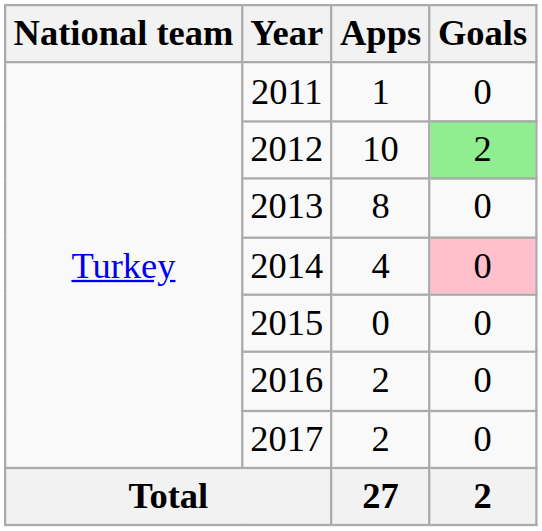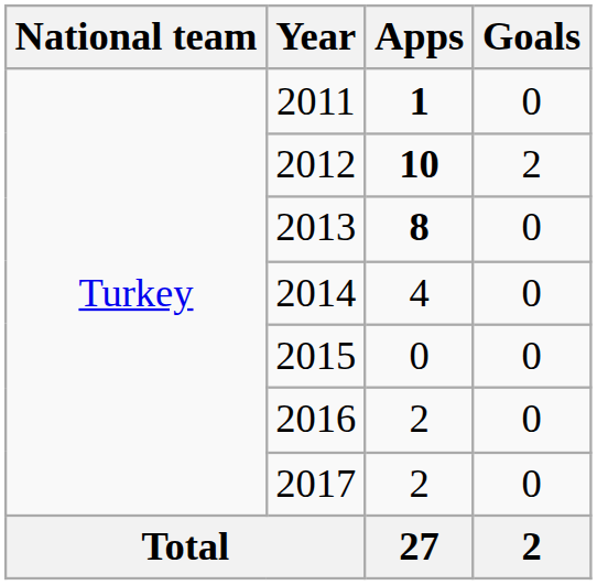 <table class="wikitable" style="text-align:center">
 <tr>
 <th>National team</th>
 <th>Year</th>
 <th>Apps</th>
 <th>Goals</th>
 </tr>
 <tr>
 <td rowspan="7"><a href='#'>Turkey</a></td>
 <td>2011</td>
-<td>1</td>
+<td><strong>1</strong></td>
 <td>0</td>
 </tr>
 <tr>
 <td>2012</td>
-<td>10</td>
-<td style="background: lightgreen;">2</td>
+<td><strong>10</strong></td>
+<td>2</td>
 </tr>
 <tr>
 <td>2013</td>
-<td>8</td>
+<td><strong>8</strong></td>
 <td>0</td>
 </tr>
 <tr>
 <td>2014</td>
 <td>4</td>
-<td style="background: pink;">0</td>
+<td>0</td>
 </tr>
 <tr>
 <td>2015</td>
 <td>0</td>
 <td>0</td>
 </tr>
 <tr>
 <td>2016</td>
 <td>2</td>
 <td>0</td>
 </tr>
 <tr>
 <td>2017</td>
 <td>2</td>
 <td>0</td>
 </tr>
 <tr>
 <th colspan="2">Total</th>
 <th>27</th>
 <th>2</th>
 </tr>
 </table>
